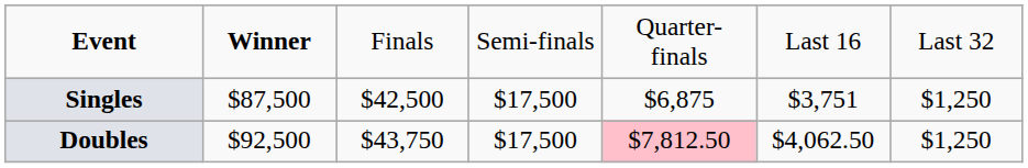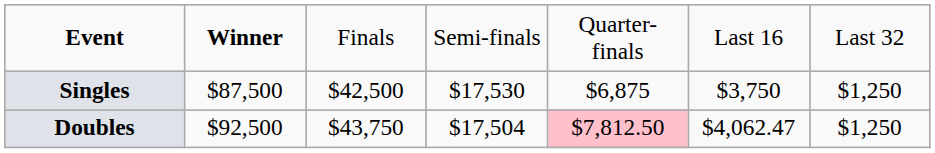 <table class=wikitable style="font-size:90%;text-align:center">
 <tr>
 <td style="width:104px;"><strong>Event</strong></td>
 <td style="width:68px;"><strong>Winner</strong></td>
 <td style="width:68px;">Finals</td>
 <td style="width:68px;">Semi-finals</td>
 <td style="width:80px;">Quarter-finals</td>
 <td style="width:68px;">Last 16</td>
 <td style="width:68px;">Last 32</td>
 </tr>
 <tr>
 <td style="background:#dfe2e9;"><strong>Singles</strong></td>
 <td>$87,500</td>
 <td>$42,500</td>
-<td>$17,500</td>
+<td>$17,530</td>
 <td>$6,875</td>
-<td>$3,751</td>
+<td>$3,750</td>
 <td>$1,250</td>
 </tr>
 <tr>
 <td style="background:#dfe2e9;"><strong>Doubles</strong></td>
 <td>$92,500</td>
 <td>$43,750</td>
-<td>$17,500</td>
+<td>$17,504</td>
 <td style="background: pink;">$7,812.50</td>
-<td>$4,062.50</td>
+<td>$4,062.47</td>
 <td>$1,250</td>
 </tr>
 </table>
